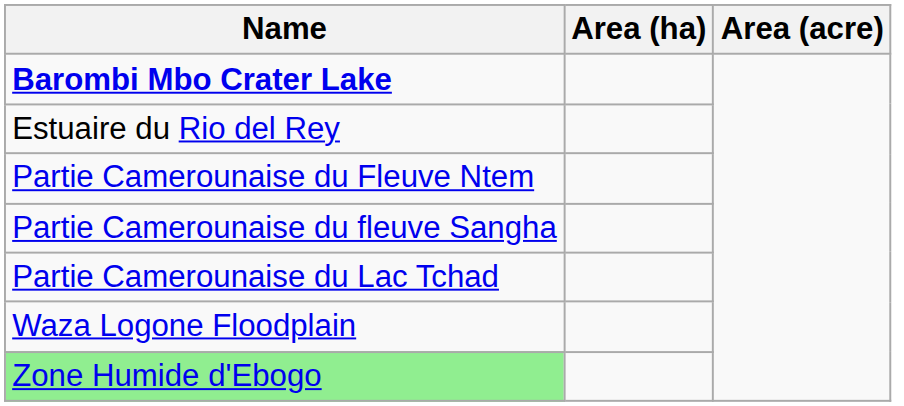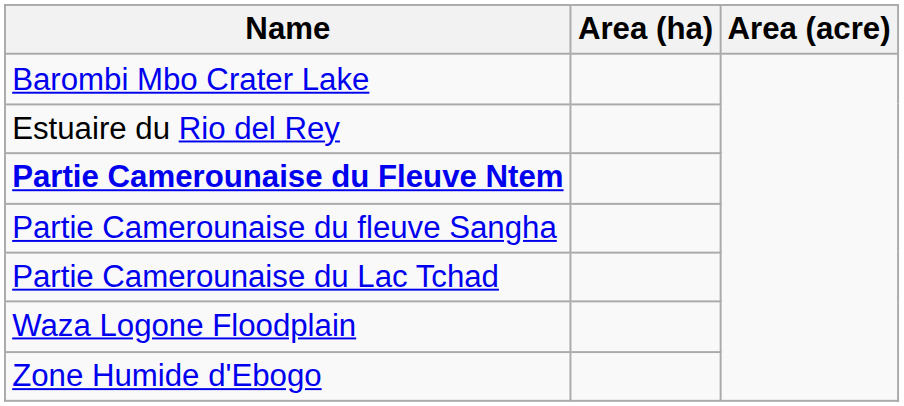 <table class="wikitable sortable">
 <tr>
 <th scope="col" align=left>Name</th>
 <th scope="col">Area (ha)</th>
 <th scope="col">Area (acre)</th>
 </tr>
 <tr ---->
-<td><strong><a href='#'>Barombi Mbo Crater Lake</a></strong></td>
+<td><a href='#'>Barombi Mbo Crater Lake</a></td>
 <td></td>
 </tr>
 <tr ---->
 <td>Estuaire du <a href='#'>Rio del Rey</a></td>
 <td></td>
 </tr>
 <tr ---->
-<td><a href='#'>Partie Camerounaise du Fleuve Ntem</a></td>
+<td><strong><a href='#'>Partie Camerounaise du Fleuve Ntem</a></strong></td>
 <td></td>
 </tr>
 <tr ---->
 <td><a href='#'>Partie Camerounaise du fleuve Sangha</a></td>
 <td></td>
 </tr>
 <tr ---->
 <td><a href='#'>Partie Camerounaise du Lac Tchad</a></td>
 <td></td>
 </tr>
 <tr ---->
 <td><a href='#'>Waza Logone Floodplain</a></td>
 <td></td>
 </tr>
 <tr ---->
-<td style="background: lightgreen;"><a href='#'>Zone Humide d'Ebogo</a></td>
+<td><a href='#'>Zone Humide d'Ebogo</a></td>
 <td></td>
 </tr>
 </table>
